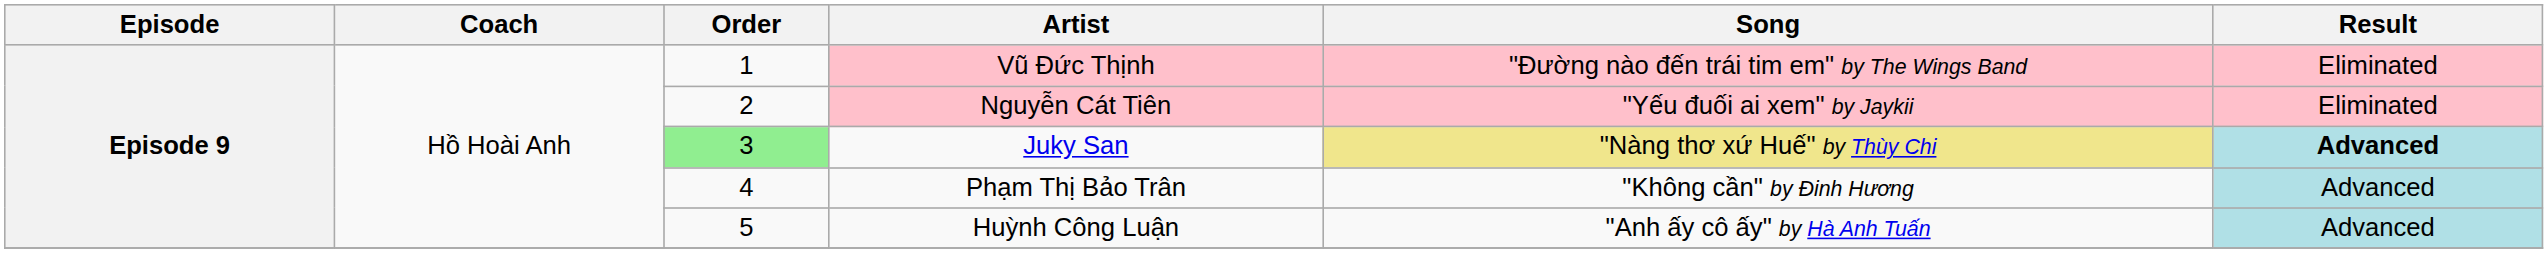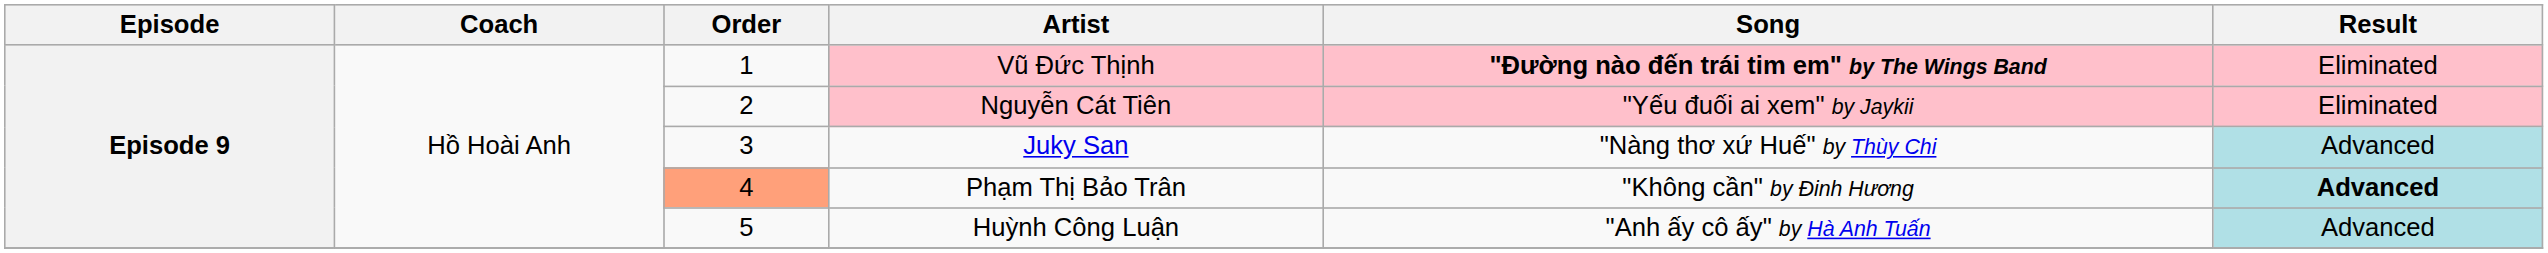 <table class="wikitable" style="text-align:center; width:80%;">
 <tr>
 <th style="width:10%;">Episode</th>
 <th style="width:10%;">Coach</th>
 <th style="width:05%;">Order</th>
 <th style="width:15%;">Artist</th>
 <th style="width:27%;">Song</th>
 <th style="width:10%;">Result</th>
 </tr>
 <tr>
 <th rowspan="5">Episode 9<br><small></small></th>
 <td rowspan="5">Hồ Hoài Anh</td>
 <td>1</td>
 <td style="background:pink;">Vũ Đức Thịnh</td>
-<td style="background:pink;">"Đường nào đến trái tim em" <small><em>by The Wings Band</em></small></td>
+<td style="background:pink;"><strong>"Đường nào đến trái tim em" <small><em>by The Wings Band</em></small></strong></td>
 <td style="background:pink;">Eliminated</td>
 </tr>
 <tr>
 <td>2</td>
 <td style="background:pink;">Nguyễn Cát Tiên</td>
 <td style="background:pink;">"Yếu đuối ai xem" <small><em>by Jaykii</em></small></td>
 <td style="background:pink;">Eliminated</td>
 </tr>
 <tr>
-<td style="background: lightgreen;">3</td>
+<td>3</td>
 <td><a href='#'>Juky San</a></td>
-<td style="background: khaki;">"Nàng thơ xứ Huế" <small><em>by <a href='#'>Thùy Chi</a></em></small></td>
-<td style="background:#B0E0E6;"><strong>Advanced</strong></td>
+<td>"Nàng thơ xứ Huế" <small><em>by <a href='#'>Thùy Chi</a></em></small></td>
+<td style="background:#B0E0E6;">Advanced</td>
 </tr>
 <tr>
-<td>4</td>
+<td style="background: lightsalmon;">4</td>
 <td>Phạm Thị Bảo Trân</td>
 <td>"Không cần" <small><em>by Đinh Hương</em></small></td>
-<td style="background:#B0E0E6;">Advanced</td>
+<td style="background:#B0E0E6;"><strong>Advanced</strong></td>
 </tr>
 <tr>
 <td>5</td>
 <td>Huỳnh Công Luận</td>
 <td>"Anh ấy cô ấy" <small><em>by <a href='#'>Hà Anh Tuấn</a></em></small></td>
 <td style="background:#B0E0E6;">Advanced</td>
 </tr>
 <tr>
 </tr>
 </table>
